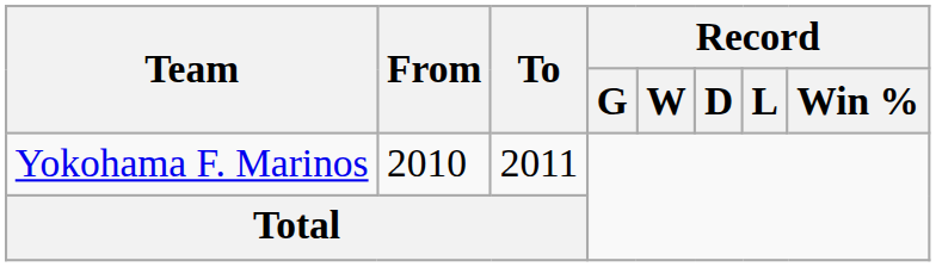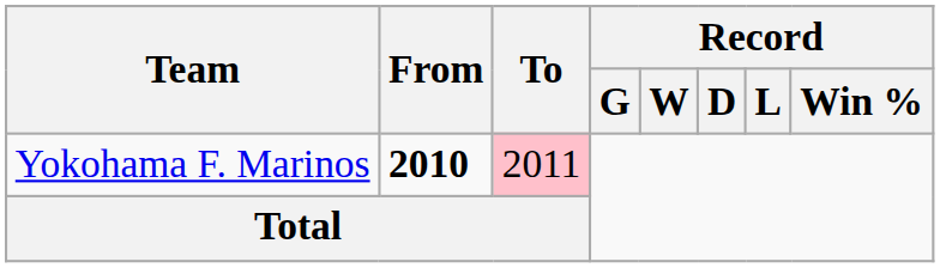 <table class="wikitable" style="text-align: center">
 <tr>
 <th rowspan="2">Team</th>
 <th rowspan="2">From</th>
 <th rowspan="2">To</th>
 <th colspan="5">Record</th>
 </tr>
 <tr>
 <th>G</th>
 <th>W</th>
 <th>D</th>
 <th>L</th>
 <th>Win %</th>
 </tr>
 <tr>
 <td align="left"><a href='#'>Yokohama F. Marinos</a></td>
-<td align="left">2010</td>
-<td align="left">2011<br></td>
+<td align="left"><strong>2010</strong></td>
+<td align="left" style="background: pink;">2011<br></td>
 </tr>
 <tr>
 <th colspan="3">Total<br></th>
 </tr>
 </table>
